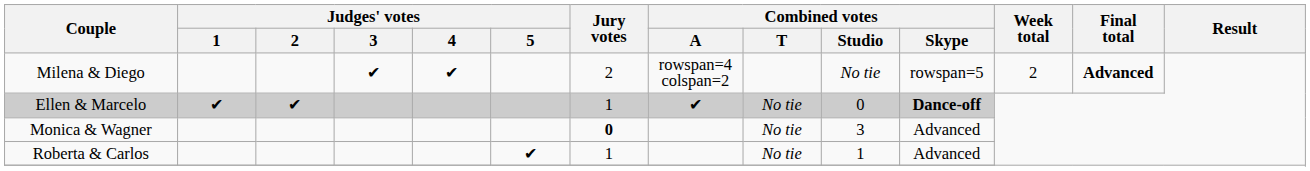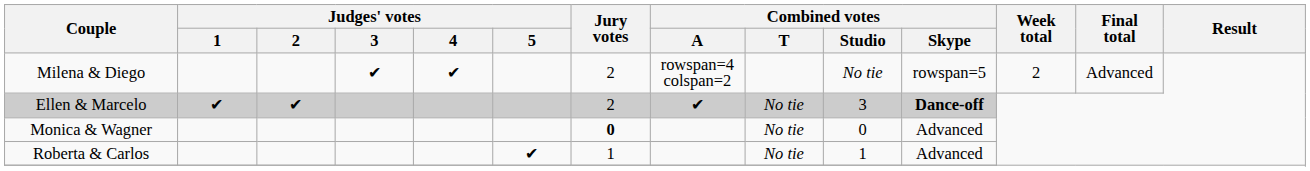 <table class="wikitable" style="font-size:100%; line-height:16px; text-align:center" width="100%">
 <tr>
 <th rowspan=2 width="11.00%">Couple</th>
 <th colspan=5 width="25.00%">Judges' votes</th>
 <th rowspan=2 width="05.00%">Jury<br>votes</th>
 <th colspan=4 width="20.00%">Combined votes</th>
 <th rowspan=2 width="05.00%">Week<br>total</th>
 <th rowspan=2 width="05.00%">Final<br>total</th>
 <th rowspan=2 width="09.00%">Result</th>
 </tr>
 <tr>
 <th width="05.00%">1</th>
 <th width="05.00%">2</th>
 <th width="05.00%">3</th>
 <th width="05.00%">4</th>
 <th width="05.00%">5</th>
 <th width="05.00%">A</th>
 <th width="05.00%">T</th>
 <th width="05.00%">Studio</th>
 <th width="05.00%">Skype</th>
 </tr>
 <tr>
 <td>Milena & Diego</td>
 <td></td>
 <td></td>
 <td>✔</td>
 <td>✔</td>
 <td></td>
 <td>2</td>
 <td>rowspan=4 colspan=2 </td>
 <td></td>
 <td><em>No tie</em></td>
 <td>rowspan=5 </td>
 <td>2</td>
-<td><strong>Advanced</strong></td>
+<td>Advanced</td>
 </tr>
 <tr bgcolor="CCCCCC">
 <td>Ellen & Marcelo</td>
 <td>✔</td>
 <td>✔</td>
 <td></td>
 <td></td>
 <td></td>
-<td>1</td>
+<td>2</td>
 <td>✔</td>
 <td><em>No tie</em></td>
-<td>0</td>
+<td>3</td>
 <td><strong>Dance-off</strong></td>
 </tr>
 <tr>
 <td>Monica & Wagner</td>
 <td></td>
 <td></td>
 <td></td>
 <td></td>
 <td></td>
 <td><strong>0</strong></td>
 <td></td>
 <td><em>No tie</em></td>
-<td>3</td>
+<td>0</td>
 <td>Advanced</td>
 </tr>
 <tr>
 <td>Roberta & Carlos</td>
 <td></td>
 <td></td>
 <td></td>
 <td></td>
 <td>✔</td>
 <td>1</td>
 <td></td>
 <td><em>No tie</em></td>
 <td>1</td>
 <td>Advanced</td>
 </tr>
 <tr>
 </tr>
 </table>
